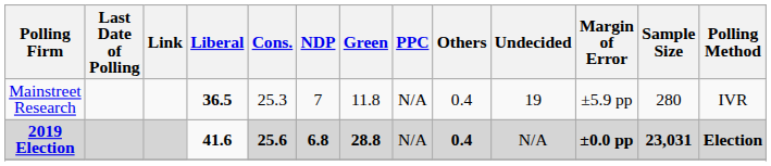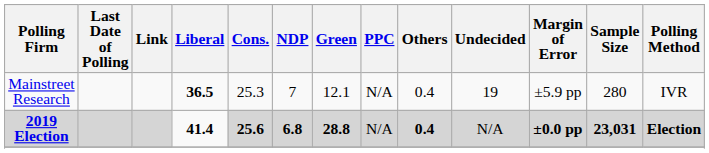 <table class="wikitable sortable" style="text-align:center;font-size:90%;line-height:14px;">
 <tr style="background:#e9e9e9;">
 <th style="width:120px">Polling Firm</th>
 <th style="width:110px">Last Date<br>of Polling</th>
 <th style="width:60px" class="unsortable">Link</th>
 <th style="background-color:"><a href='#'>Liberal</a></th>
 <th style="background-color:"><a href='#'>Cons.</a></th>
 <th style="background-color:"><a href='#'>NDP</a></th>
 <th style="background-color:"><a href='#'>Green</a></th>
 <th style="background-color:"><a href='#'><span>PPC</span></a></th>
 <th style="background-color:">Others</th>
 <th style="background-color:">Undecided</th>
 <th style="width:60px;" class=unsortable>Margin<br>of Error</th>
 <th style="width:50px;" class=unsortable>Sample<br>Size</th>
 <th class=unsortable>Polling Method</th>
 </tr>
 <tr>
 <td><a href='#'>Mainstreet Research</a></td>
 <td></td>
 <td></td>
 <td><strong>36.5</strong></td>
 <td>25.3</td>
 <td>7</td>
-<td>11.8</td>
+<td>12.1</td>
 <td>N/A</td>
 <td>0.4</td>
 <td>19</td>
 <td>±5.9 pp</td>
 <td>280</td>
 <td>IVR</td>
 </tr>
 <tr>
 <td style="background:#D5D5D5"><strong><a href='#'>2019 Election</a></strong></td>
 <td style="background:#D5D5D5"><strong></strong></td>
 <td style="background:#D5D5D5"></td>
-<td><strong>41.6</strong></td>
+<td><strong>41.4</strong></td>
 <td style="background:#D5D5D5"><strong>25.6</strong></td>
 <td style="background:#D5D5D5"><strong>6.8</strong></td>
 <td style="background:#D5D5D5"><strong>28.8</strong></td>
 <td style="background:#D5D5D5">N/A</td>
 <td style="background:#D5D5D5"><strong>0.4</strong></td>
 <td style="background:#D5D5D5">N/A</td>
 <td style="background:#D5D5D5"><strong>±0.0 pp</strong></td>
 <td style="background:#D5D5D5"><strong>23,031</strong></td>
 <td style="background:#D5D5D5"><strong>Election</strong></td>
 </tr>
 <tr>
 </tr>
 <tr>
 </tr>
 </table>
